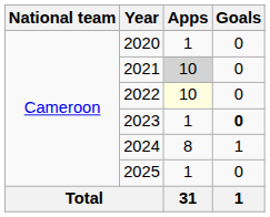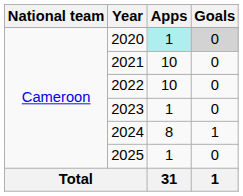 <table class="wikitable" style="text-align:center">
 <tr>
 <th>National team</th>
 <th>Year</th>
 <th>Apps</th>
 <th>Goals</th>
 </tr>
 <tr>
 <td rowspan="7"><a href='#'>Cameroon</a></td>
 </tr>
 <tr>
 <td>2020</td>
-<td>1</td>
-<td>0</td>
+<td style="background: paleturquoise;">1</td>
+<td style="background: lightgrey;">0</td>
 </tr>
 <tr>
 <td>2021</td>
-<td style="background: lightgrey;">10</td>
+<td>10</td>
 <td>0</td>
 </tr>
 <tr>
 <td>2022</td>
-<td style="background: lightyellow;">10</td>
+<td>10</td>
 <td>0</td>
 </tr>
 <tr>
 <td>2023</td>
 <td>1</td>
-<td><strong>0</strong></td>
+<td>0</td>
 </tr>
 <tr>
 <td>2024</td>
 <td>8</td>
 <td>1</td>
 </tr>
 <tr>
 <td>2025</td>
 <td>1</td>
 <td>0</td>
 </tr>
 <tr>
 <th colspan="2">Total</th>
 <th>31</th>
 <th>1</th>
 </tr>
 </table>
